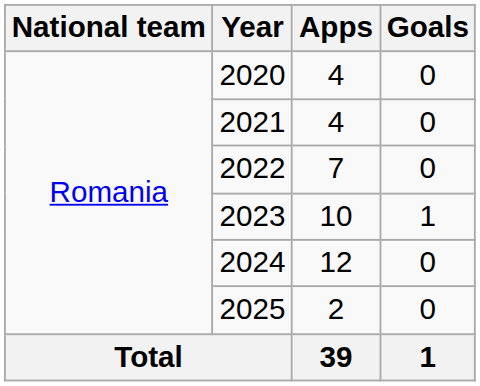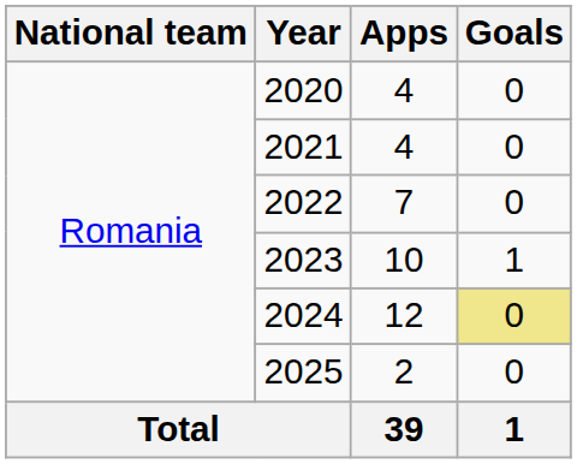 <table class="wikitable" style="text-align:center">
 <tr>
 <th>National team</th>
 <th>Year</th>
 <th>Apps</th>
 <th>Goals</th>
 </tr>
 <tr>
 <td rowspan="6"><a href='#'>Romania</a></td>
 <td>2020</td>
 <td>4</td>
 <td>0</td>
 </tr>
 <tr>
 <td>2021</td>
 <td>4</td>
 <td>0</td>
 </tr>
 <tr>
 <td>2022</td>
 <td>7</td>
 <td>0</td>
 </tr>
 <tr>
 <td>2023</td>
 <td>10</td>
 <td>1</td>
 </tr>
 <tr>
 <td>2024</td>
 <td>12</td>
-<td>0</td>
+<td style="background: khaki;">0</td>
 </tr>
 <tr>
 <td>2025</td>
 <td>2</td>
 <td>0</td>
 </tr>
 <tr>
 <th colspan="2">Total</th>
 <th>39</th>
 <th>1</th>
 </tr>
 </table>
